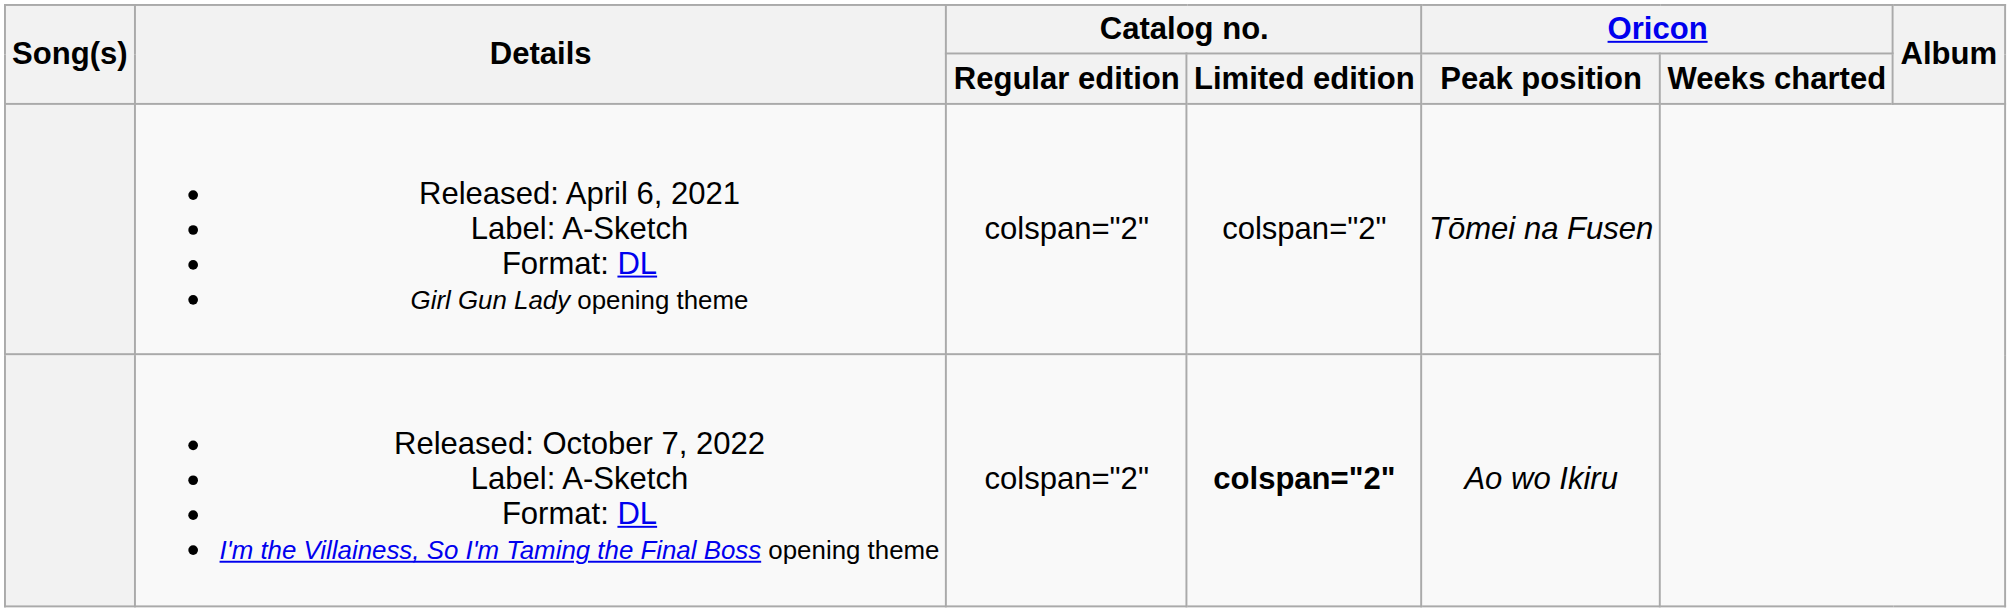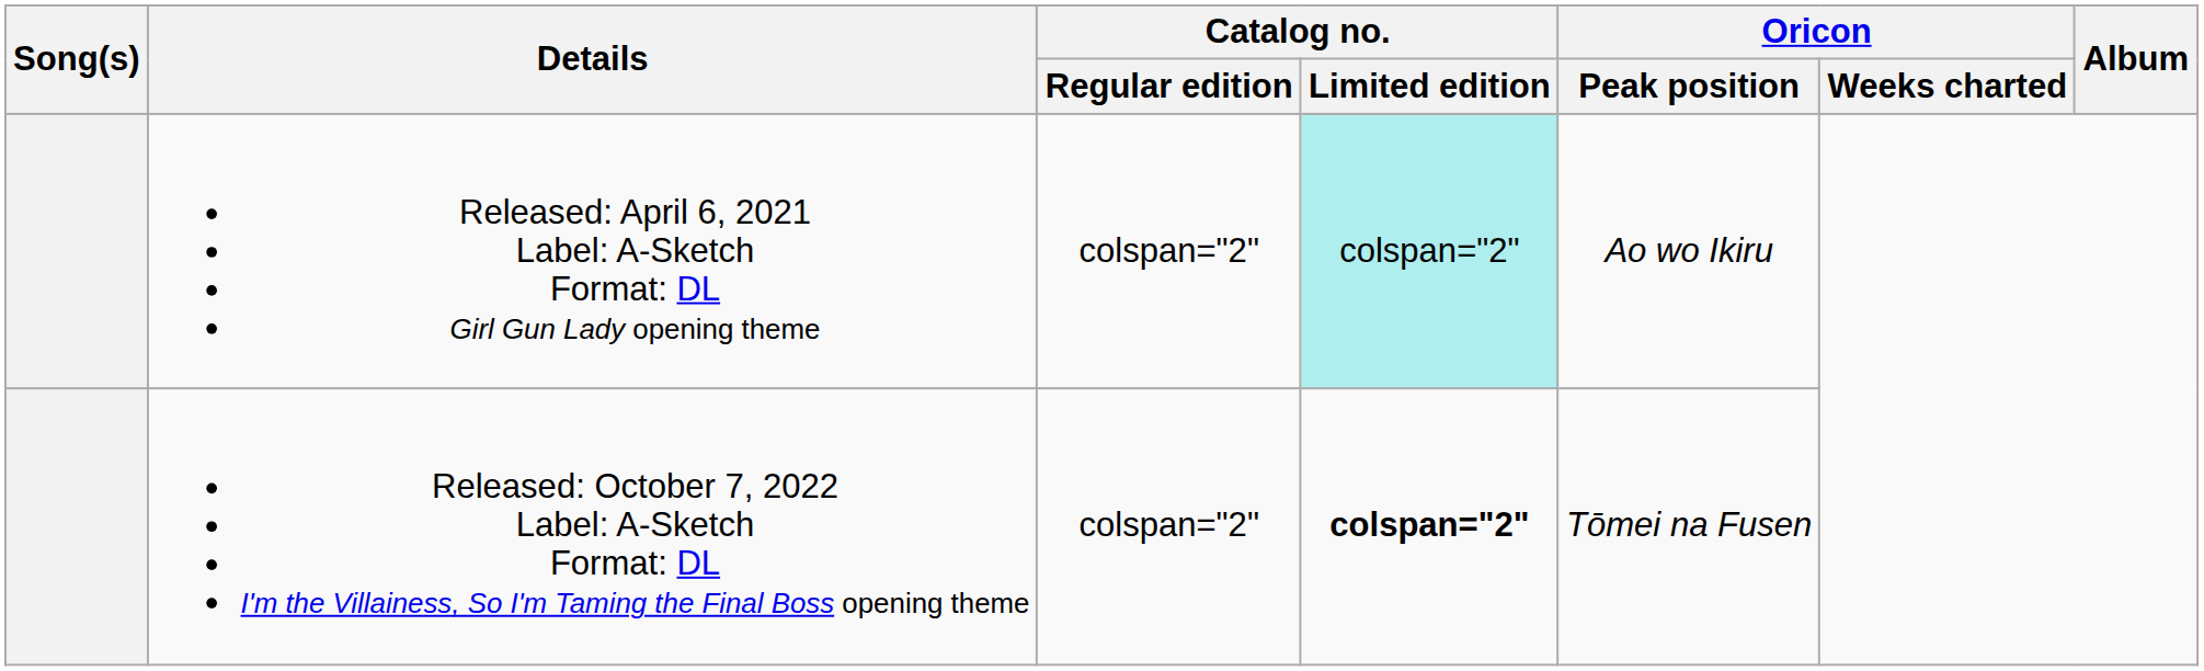 <table class="wikitable plainrowheaders" style="text-align:center;" border="1">
 <tr>
 <th rowspan="2">Song(s)</th>
 <th rowspan="2">Details</th>
 <th colspan="2">Catalog no.</th>
 <th colspan="2"><a href='#'>Oricon</a></th>
 <th rowspan="2">Album</th>
 </tr>
 <tr>
 <th>Regular edition</th>
 <th>Limited edition</th>
 <th>Peak position</th>
 <th>Weeks charted</th>
 </tr>
 <tr>
 <th scope="row"></th>
 <td><br><ul><li>Released: April 6, 2021</li><li>Label: A-Sketch</li><li>Format: <a href='#'>DL</a></li><li><small><em>Girl Gun Lady</em> opening theme</small></li></ul></td>
 <td>colspan="2" </td>
-<td>colspan="2" </td>
-<td><em>Tо̄mei na Fusen</em></td>
+<td style="background: paleturquoise;">colspan="2" </td>
+<td><em>Ao wo Ikiru</em></td>
 </tr>
 <tr>
 <th scope="row"></th>
 <td><br><ul><li>Released: October 7, 2022</li><li>Label: A-Sketch</li><li>Format: <a href='#'>DL</a></li><li><small><em><a href='#'>I'm the Villainess, So I'm Taming the Final Boss</a></em> opening theme</small></li></ul></td>
 <td>colspan="2" </td>
 <td><strong>colspan="2" </strong></td>
-<td><em>Ao wo Ikiru</em></td>
+<td><em>Tо̄mei na Fusen</em></td>
 </tr>
 </table>
